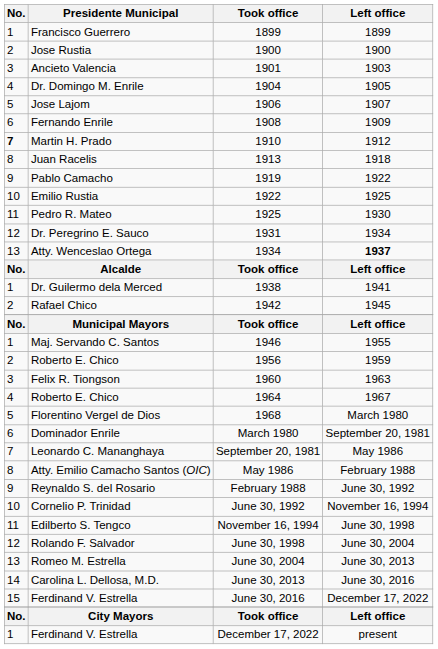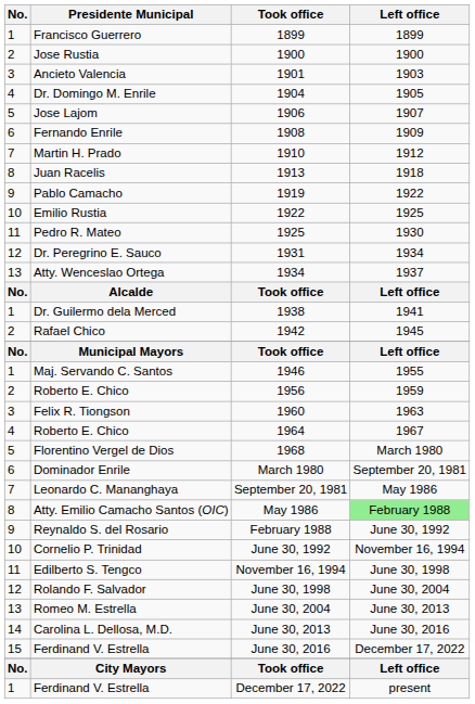 <table class="wikitable" style="float:center; ">
 <tr>
 <th>No.</th>
 <th>Presidente Municipal</th>
 <th style="text-align:center;">Took office</th>
 <th>Left office</th>
 </tr>
 <tr>
 <td>1</td>
 <td>Francisco Guerrero</td>
 <td style="text-align:center">1899</td>
 <td style="text-align:center">1899</td>
 </tr>
 <tr>
 <td>2</td>
 <td>Jose Rustia</td>
 <td style="text-align:center">1900</td>
 <td style="text-align:center">1900</td>
 </tr>
 <tr>
 <td>3</td>
 <td>Ancieto Valencia</td>
 <td style="text-align:center">1901</td>
 <td style="text-align:center">1903</td>
 </tr>
 <tr>
 <td>4</td>
 <td>Dr. Domingo M. Enrile</td>
 <td style="text-align:center">1904</td>
 <td style="text-align:center">1905</td>
 </tr>
 <tr>
 <td>5</td>
 <td>Jose Lajom</td>
 <td style="text-align:center">1906</td>
 <td style="text-align:center">1907</td>
 </tr>
 <tr>
 <td>6</td>
 <td>Fernando Enrile</td>
 <td style="text-align:center">1908</td>
 <td style="text-align:center">1909</td>
 </tr>
 <tr>
-<td><strong>7</strong></td>
+<td>7</td>
 <td>Martin H. Prado</td>
 <td style="text-align:center">1910</td>
 <td style="text-align:center">1912</td>
 </tr>
 <tr>
 <td>8</td>
 <td>Juan Racelis</td>
 <td style="text-align:center">1913</td>
 <td style="text-align:center">1918</td>
 </tr>
 <tr>
 <td>9</td>
 <td>Pablo Camacho</td>
 <td style="text-align:center">1919</td>
 <td style="text-align:center">1922</td>
 </tr>
 <tr>
 <td>10</td>
 <td>Emilio Rustia</td>
 <td style="text-align:center">1922</td>
 <td style="text-align:center">1925</td>
 </tr>
 <tr>
 <td>11</td>
 <td>Pedro R. Mateo</td>
 <td style="text-align:center">1925</td>
 <td style="text-align:center">1930</td>
 </tr>
 <tr>
 <td>12</td>
 <td>Dr. Peregrino E. Sauco</td>
 <td style="text-align:center">1931</td>
 <td style="text-align:center">1934</td>
 </tr>
 <tr>
 <td>13</td>
 <td>Atty. Wenceslao Ortega</td>
 <td style="text-align:center">1934</td>
-<td style="text-align:center"><strong>1937</strong></td>
+<td style="text-align:center">1937</td>
 </tr>
 <tr>
 <th>No.</th>
 <th>Alcalde</th>
 <th style="text-align:center;">Took office</th>
 <th>Left office</th>
 </tr>
 <tr>
 <td>1</td>
 <td>Dr. Guilermo dela Merced</td>
 <td style="text-align:center">1938</td>
 <td style="text-align:center">1941</td>
 </tr>
 <tr>
 <td>2</td>
 <td>Rafael Chico</td>
 <td style="text-align:center">1942</td>
 <td style="text-align:center">1945</td>
 </tr>
 <tr>
 </tr>
 <tr>
 <th>No.</th>
 <th>Municipal Mayors</th>
 <th style="text-align:center;">Took office</th>
 <th>Left office</th>
 </tr>
 <tr>
 <td>1</td>
 <td>Maj. Servando C. Santos</td>
 <td style="text-align:center">1946</td>
 <td style="text-align:center">1955</td>
 </tr>
 <tr>
 <td>2</td>
 <td>Roberto E. Chico</td>
 <td style="text-align:center">1956</td>
 <td style="text-align:center">1959</td>
 </tr>
 <tr>
 <td>3</td>
 <td>Felix R. Tiongson</td>
 <td style="text-align:center">1960</td>
 <td style="text-align:center">1963</td>
 </tr>
 <tr>
 <td>4</td>
 <td>Roberto E. Chico</td>
 <td style="text-align:center">1964</td>
 <td style="text-align:center">1967</td>
 </tr>
 <tr>
 <td>5</td>
 <td>Florentino Vergel de Dios</td>
 <td style="text-align:center">1968</td>
 <td style="text-align:center">March 1980</td>
 </tr>
 <tr>
 <td>6</td>
 <td>Dominador Enrile</td>
 <td style="text-align:center">March 1980</td>
 <td style="text-align:center">September 20, 1981</td>
 </tr>
 <tr>
 <td>7</td>
 <td>Leonardo C. Mananghaya</td>
 <td style="text-align:center">September 20, 1981</td>
 <td style="text-align:center">May 1986</td>
 </tr>
 <tr>
 <td>8</td>
 <td>Atty. Emilio Camacho Santos (<em>OIC</em>)</td>
 <td style="text-align:center">May 1986</td>
-<td style="text-align:center">February 1988</td>
+<td style="background: lightgreen; text-align:center">February 1988</td>
 </tr>
 <tr>
 <td>9</td>
 <td>Reynaldo S. del Rosario</td>
 <td style="text-align:center">February 1988</td>
 <td style="text-align:center">June 30, 1992</td>
 </tr>
 <tr>
 <td>10</td>
 <td>Cornelio P. Trinidad</td>
 <td style="text-align:center">June 30, 1992</td>
 <td style="text-align:center">November 16, 1994</td>
 </tr>
 <tr>
 <td>11</td>
 <td>Edilberto S. Tengco</td>
 <td style="text-align:center">November 16, 1994</td>
 <td style="text-align:center">June 30, 1998</td>
 </tr>
 <tr>
 <td>12</td>
 <td>Rolando F. Salvador</td>
 <td style="text-align:center">June 30, 1998</td>
 <td style="text-align:center">June 30, 2004</td>
 </tr>
 <tr>
 <td>13</td>
 <td>Romeo M. Estrella</td>
 <td style="text-align:center">June 30, 2004</td>
 <td style="text-align:center">June 30, 2013</td>
 </tr>
 <tr>
 <td>14</td>
 <td>Carolina L. Dellosa, M.D.</td>
 <td style="text-align:center">June 30, 2013</td>
 <td style="text-align:center">June 30, 2016</td>
 </tr>
 <tr>
 <td>15</td>
 <td>Ferdinand V. Estrella</td>
 <td style="text-align:center">June 30, 2016</td>
 <td style="text-align:center">December 17, 2022</td>
 </tr>
 <tr>
 </tr>
 <tr>
 <th>No.</th>
 <th>City Mayors</th>
 <th style="text-align:center;">Took office</th>
 <th>Left office</th>
 </tr>
 <tr>
 <td>1</td>
 <td>Ferdinand V. Estrella</td>
 <td style="text-align:center">December 17, 2022</td>
 <td style="text-align:center">present</td>
 </tr>
 </table>
